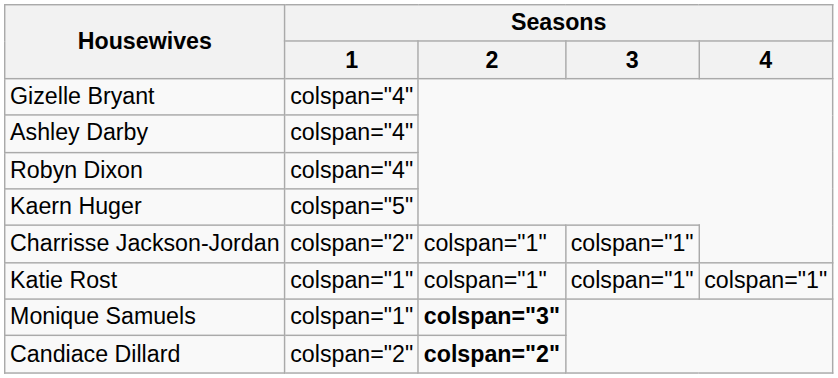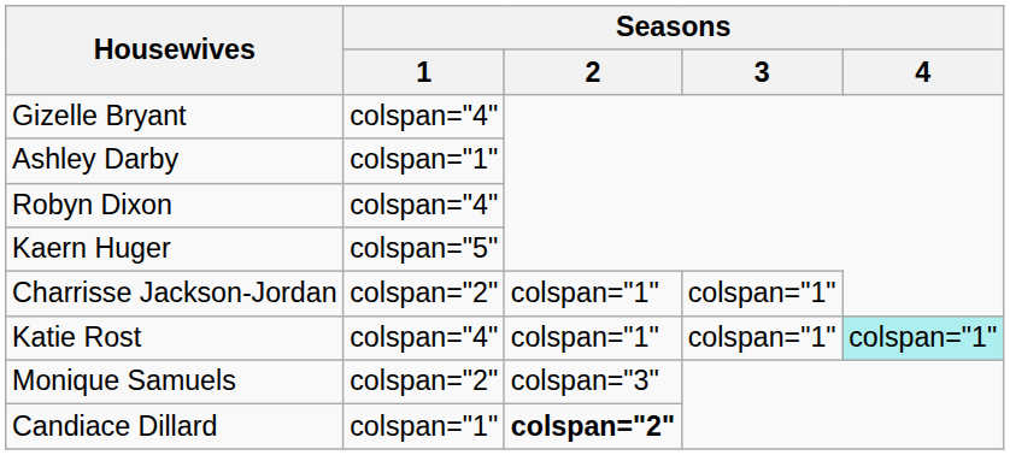 <table class="wikitable plainrowheaders" width="60%">
 <tr>
 <th rowspan="2" scope="col" style="width:10%;">Housewives</th>
 <th colspan="4" scope="col">Seasons</th>
 </tr>
 <tr>
 <th scope="col" style="width:5%;">1</th>
 <th scope="col" style="width:5%;">2</th>
 <th>3</th>
 <th>4</th>
 </tr>
 <tr>
 <td nowrap="">Gizelle Bryant</td>
 <td>colspan="4" </td>
 </tr>
 <tr>
 <td nowrap="">Ashley Darby</td>
-<td>colspan="4" </td>
+<td>colspan="1" </td>
 </tr>
 <tr>
 <td nowrap="">Robyn Dixon</td>
 <td>colspan="4" </td>
 </tr>
 <tr>
 <td>Kaern Huger</td>
 <td>colspan="5" </td>
 </tr>
 <tr>
 <td nowrap="">Charrisse Jackson-Jordan</td>
 <td>colspan="2" </td>
 <td>colspan="1" </td>
 <td>colspan="1" </td>
 </tr>
 <tr>
 <td>Katie Rost</td>
+<td>colspan="4" </td>
 <td>colspan="1" </td>
 <td>colspan="1" </td>
-<td>colspan="1" </td>
-<td>colspan="1" </td>
+<td style="background: paleturquoise;">colspan="1" </td>
 </tr>
 <tr>
 <td>Monique Samuels</td>
-<td>colspan="1" </td>
-<td><strong>colspan="3" </strong></td>
+<td>colspan="2" </td>
+<td>colspan="3" </td>
 </tr>
 <tr>
 <td nowrap="">Candiace Dillard</td>
-<td>colspan="2" </td>
+<td>colspan="1" </td>
 <td><strong>colspan="2" </strong></td>
 </tr>
 </table>
